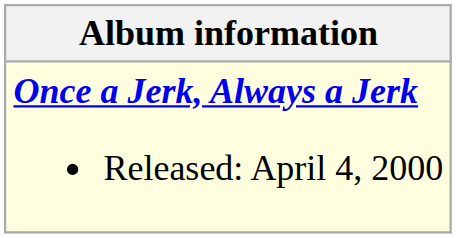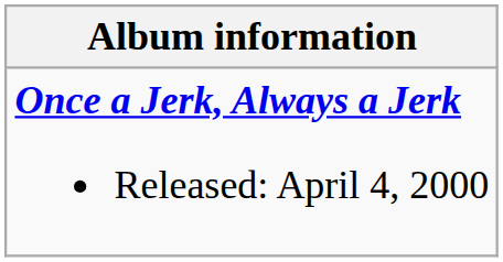 <table class="wikitable">
 <tr>
 <th align="left">Album information</th>
 </tr>
 <tr>
-<td align="left" style="background: lightyellow;"><strong><em><a href='#'>Once a Jerk, Always a Jerk</a></em></strong><br><ul><li>Released: April 4, 2000</li></ul></td>
+<td align="left"><strong><em><a href='#'>Once a Jerk, Always a Jerk</a></em></strong><br><ul><li>Released: April 4, 2000</li></ul></td>
 </tr>
 </table>
